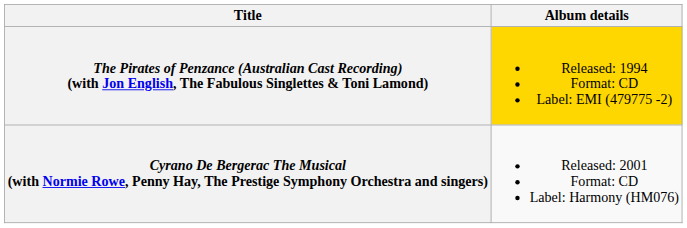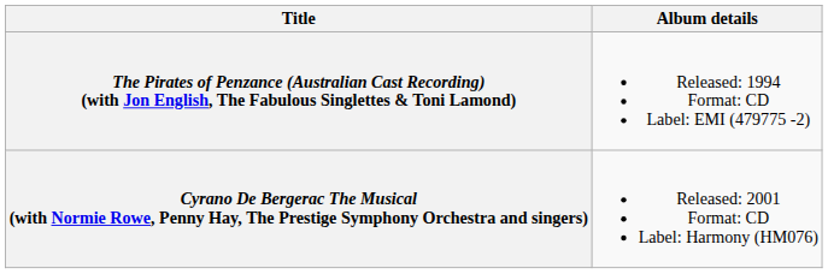 <table class="wikitable plainrowheaders" style="text-align:center;" border="1">
 <tr>
 <th>Title</th>
 <th>Album details</th>
 </tr>
 <tr>
 <th scope="row"><em>The Pirates of Penzance (Australian Cast Recording)</em> <br> (with <a href='#'>Jon English</a>, The Fabulous Singlettes & Toni Lamond)</th>
-<td style="background: gold;"><br><ul><li>Released: 1994</li><li>Format: CD</li><li>Label: EMI (479775 -2)</li></ul></td>
+<td><br><ul><li>Released: 1994</li><li>Format: CD</li><li>Label: EMI (479775 -2)</li></ul></td>
 </tr>
 <tr>
 <th scope="row"><em>Cyrano De Bergerac The Musical</em> <br> (with <a href='#'>Normie Rowe</a>, Penny Hay, The Prestige Symphony Orchestra and singers)</th>
 <td><br><ul><li>Released: 2001</li><li>Format: CD</li><li>Label: Harmony (HM076)</li></ul></td>
 </tr>
 </table>
